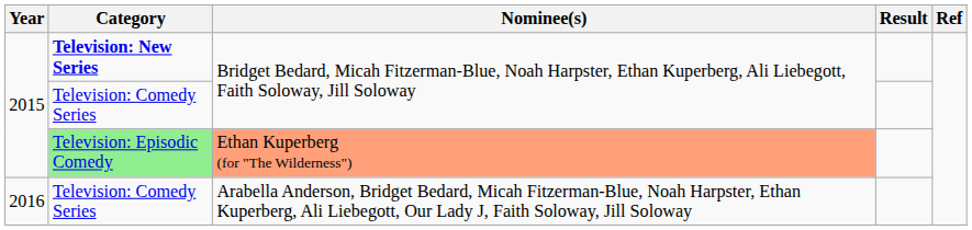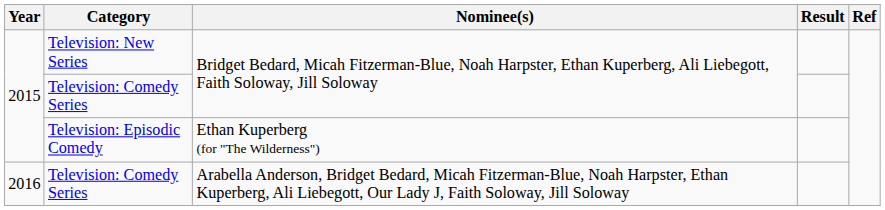 <table class="wikitable">
 <tr>
 <th>Year</th>
 <th>Category</th>
 <th>Nominee(s)</th>
 <th>Result</th>
 <th>Ref</th>
 </tr>
 <tr>
 <td rowspan=3>2015</td>
-<td><strong><a href='#'>Television: New Series</a></strong></td>
+<td><a href='#'>Television: New Series</a></td>
 <td rowspan=2>Bridget Bedard, Micah Fitzerman-Blue, Noah Harpster, Ethan Kuperberg, Ali Liebegott, Faith Soloway, Jill Soloway</td>
 <td></td>
 <td rowspan=4></td>
 </tr>
 <tr>
 <td><a href='#'>Television: Comedy Series</a></td>
 <td></td>
 </tr>
 <tr>
-<td style="background: lightgreen;"><a href='#'>Television: Episodic Comedy</a></td>
-<td style="background: lightsalmon;">Ethan Kuperberg<br><small>(for "The Wilderness")</small></td>
+<td><a href='#'>Television: Episodic Comedy</a></td>
+<td>Ethan Kuperberg<br><small>(for "The Wilderness")</small></td>
 <td></td>
 </tr>
 <tr>
 <td>2016</td>
 <td><a href='#'>Television: Comedy Series</a></td>
 <td>Arabella Anderson, Bridget Bedard, Micah Fitzerman-Blue, Noah Harpster, Ethan Kuperberg, Ali Liebegott, Our Lady J, Faith Soloway, Jill Soloway</td>
 <td></td>
 </tr>
 </table>
